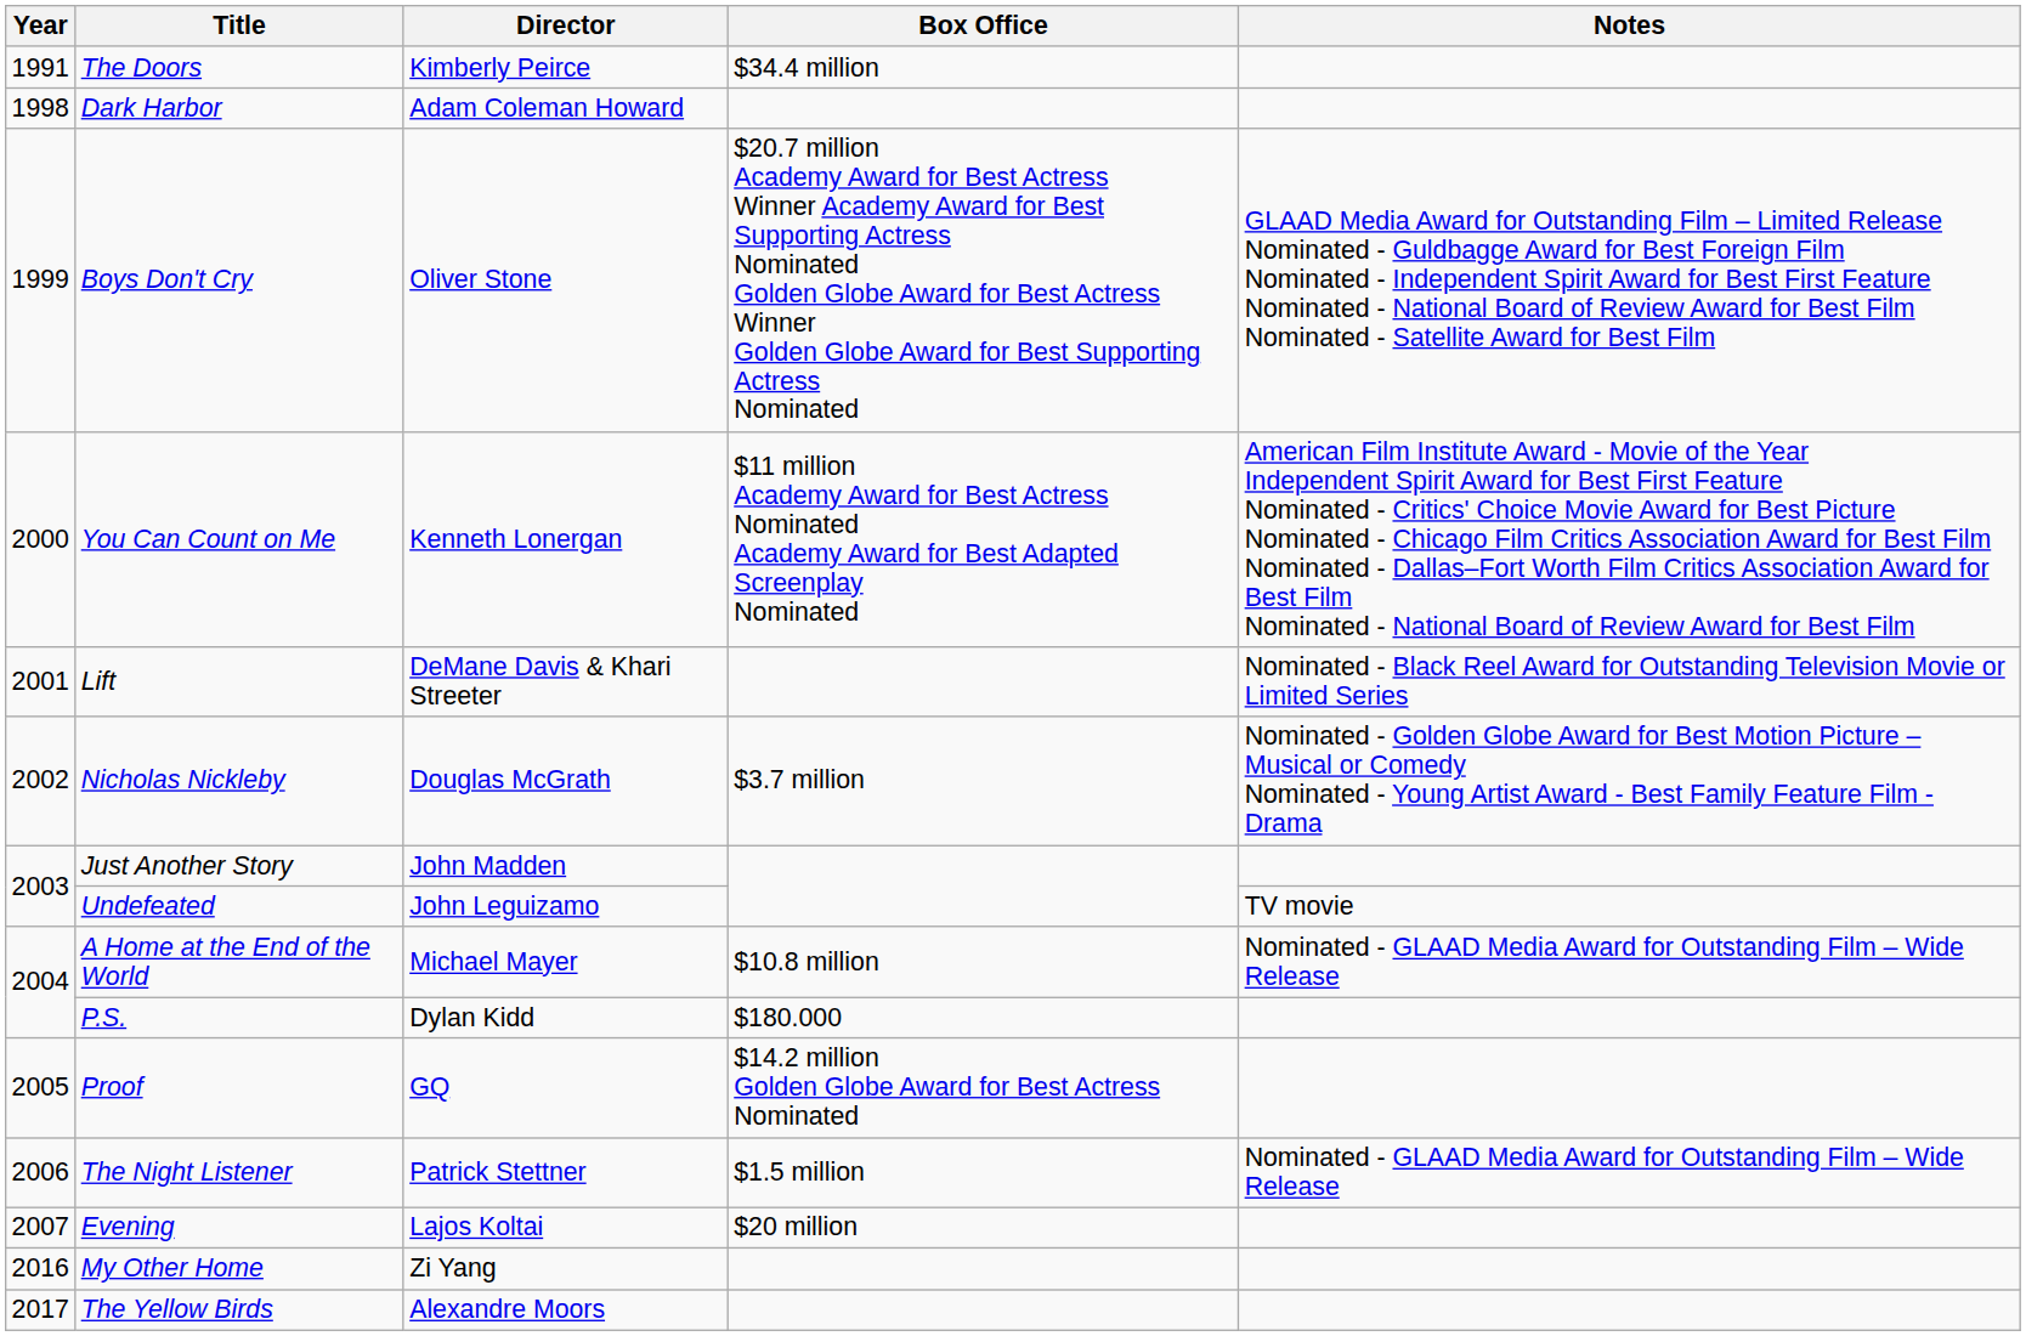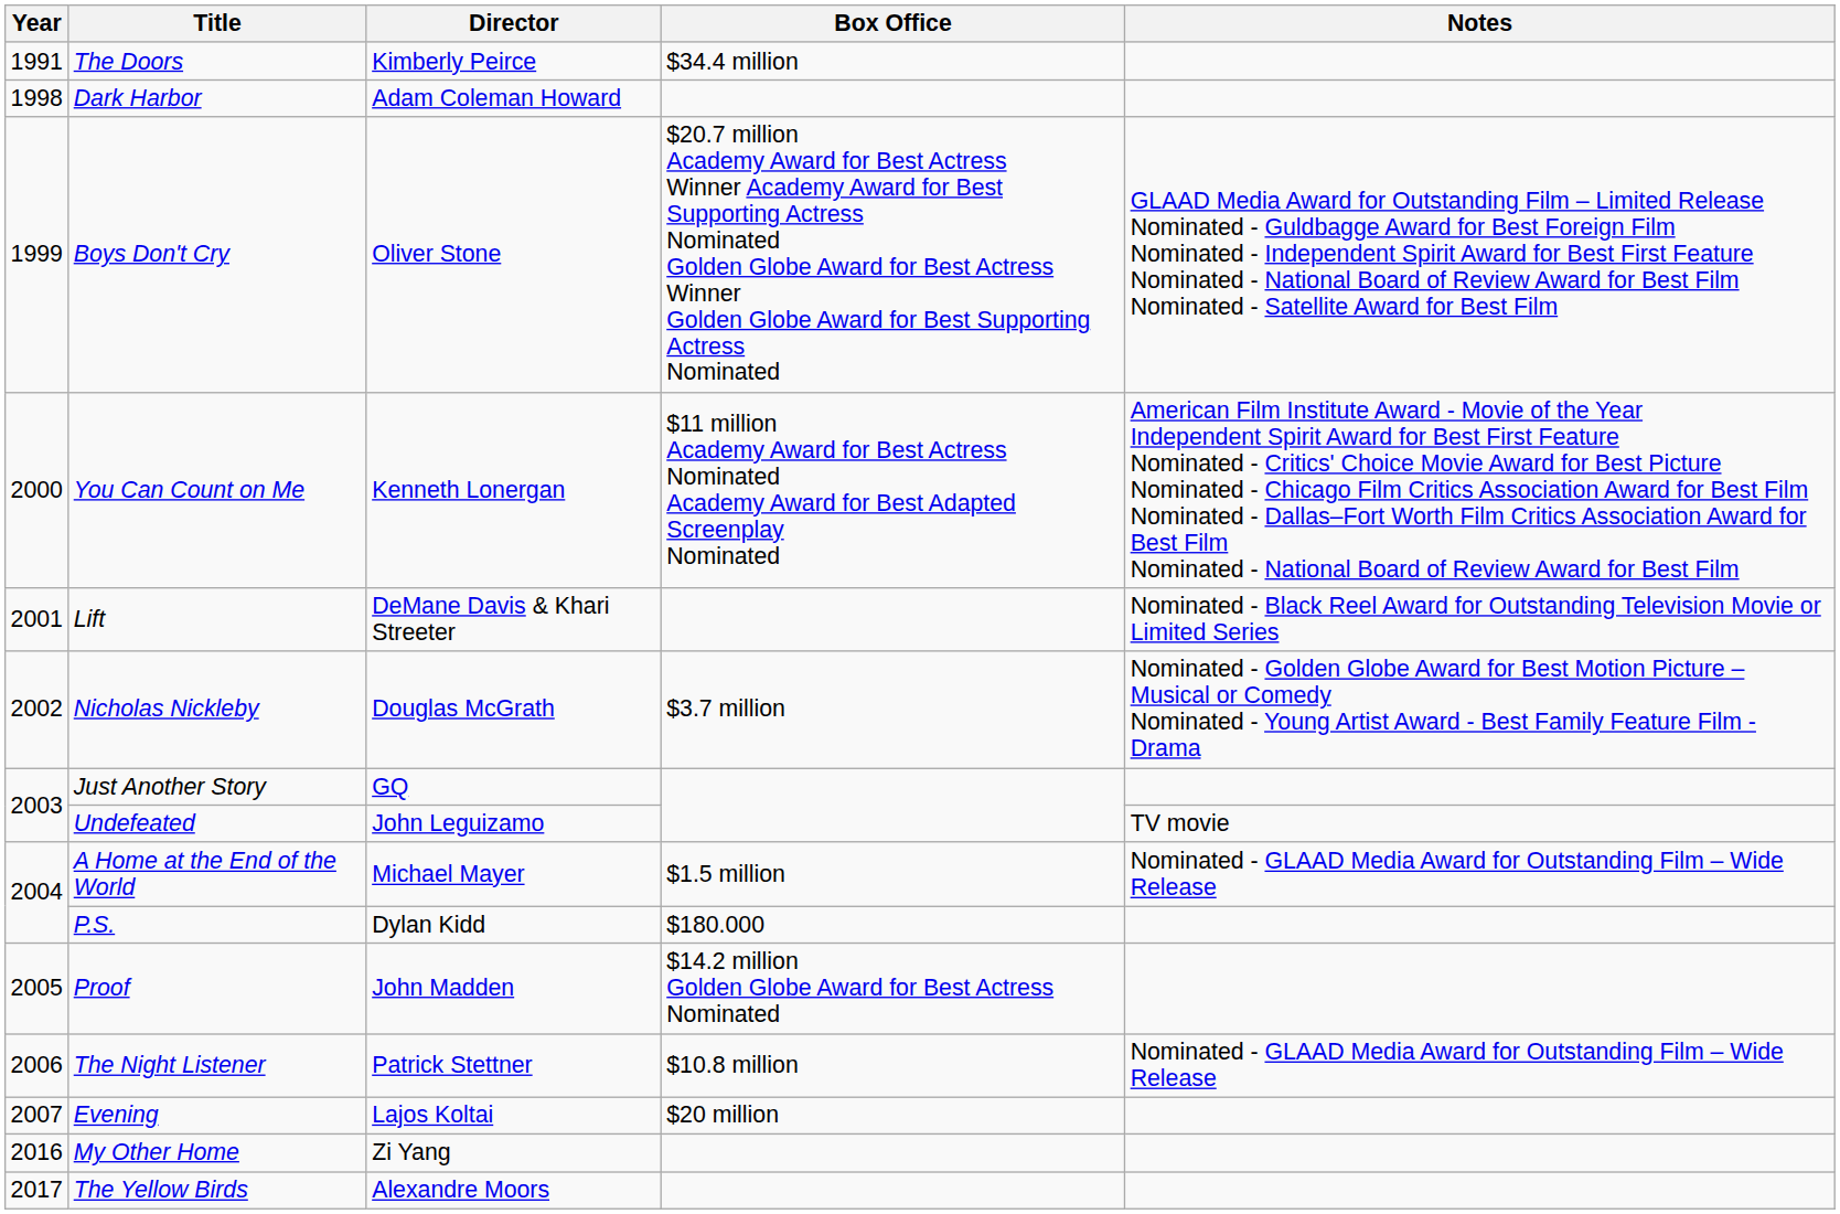 <table class="wikitable sortable">
 <tr>
 <th>Year</th>
 <th>Title</th>
 <th>Director</th>
 <th>Box Office</th>
 <th class="unsortable">Notes</th>
 </tr>
 <tr>
 <td rowspan=1>1991</td>
 <td><em><a href='#'>The Doors</a></em></td>
 <td><a href='#'>Kimberly Peirce</a></td>
 <td>$34.4 million</td>
 <td></td>
 </tr>
 <tr>
 <td rowspan=1>1998</td>
 <td><em><a href='#'>Dark Harbor</a></em></td>
 <td><a href='#'>Adam Coleman Howard</a></td>
 <td></td>
 <td></td>
 </tr>
 <tr>
 <td rowspan=1>1999</td>
 <td><em><a href='#'>Boys Don't Cry</a></em></td>
 <td><a href='#'>Oliver Stone</a></td>
 <td>$20.7 million<br><a href='#'>Academy Award for Best Actress</a><br>Winner <a href='#'>Academy Award for Best Supporting Actress</a><br>Nominated<br> <a href='#'>Golden Globe Award for Best Actress</a><br>Winner<br> <a href='#'>Golden Globe Award for Best Supporting Actress</a><br>Nominated<br></td>
 <td><a href='#'>GLAAD Media Award for Outstanding Film – Limited Release</a><br>Nominated - <a href='#'>Guldbagge Award for Best Foreign Film</a><br>Nominated - <a href='#'>Independent Spirit Award for Best First Feature</a><br>Nominated - <a href='#'>National Board of Review Award for Best Film</a><br>Nominated - <a href='#'>Satellite Award for Best Film</a></td>
 </tr>
 <tr>
 <td rowspan=1>2000</td>
 <td><em><a href='#'>You Can Count on Me</a></em></td>
 <td><a href='#'>Kenneth Lonergan</a></td>
 <td>$11 million<br><a href='#'>Academy Award for Best Actress</a><br>Nominated<br> <a href='#'>Academy Award for Best Adapted Screenplay</a><br>Nominated<br></td>
 <td><a href='#'>American Film Institute Award - Movie of the Year</a><br><a href='#'>Independent Spirit Award for Best First Feature</a><br>Nominated - <a href='#'>Critics' Choice Movie Award for Best Picture</a><br>Nominated - <a href='#'>Chicago Film Critics Association Award for Best Film</a><br>Nominated - <a href='#'>Dallas–Fort Worth Film Critics Association Award for Best Film</a><br>Nominated - <a href='#'>National Board of Review Award for Best Film</a></td>
 </tr>
 <tr>
 <td rowspan=1>2001</td>
 <td><em>Lift</em></td>
 <td><a href='#'>DeMane Davis</a> & Khari Streeter</td>
 <td></td>
 <td>Nominated - <a href='#'>Black Reel Award for Outstanding Television Movie or Limited Series</a></td>
 </tr>
 <tr>
 <td rowspan=1>2002</td>
 <td><em><a href='#'>Nicholas Nickleby</a></em></td>
 <td><a href='#'>Douglas McGrath</a></td>
 <td>$3.7 million</td>
 <td>Nominated - <a href='#'>Golden Globe Award for Best Motion Picture – Musical or Comedy</a><br>Nominated - <a href='#'>Young Artist Award - Best Family Feature Film - Drama</a></td>
 </tr>
 <tr>
 <td rowspan=2>2003</td>
 <td><em>Just Another Story</em></td>
-<td><a href='#'>John Madden</a></td>
+<td><a href='#'>GQ</a></td>
 <td rowspan=2></td>
 <td></td>
 </tr>
 <tr>
 <td><em><a href='#'>Undefeated</a></em></td>
 <td><a href='#'>John Leguizamo</a></td>
 <td>TV movie</td>
 </tr>
 <tr>
 <td rowspan=2>2004</td>
 <td><em><a href='#'>A Home at the End of the World</a></em></td>
 <td><a href='#'>Michael Mayer</a></td>
-<td>$10.8 million</td>
+<td>$1.5 million</td>
 <td>Nominated - <a href='#'>GLAAD Media Award for Outstanding Film – Wide Release</a></td>
 </tr>
 <tr>
 <td><em><a href='#'>P.S.</a></em></td>
 <td>Dylan Kidd</td>
 <td>$180.000</td>
 <td></td>
 </tr>
 <tr>
 <td rowspan=1>2005</td>
 <td><em><a href='#'>Proof</a></em></td>
-<td><a href='#'>GQ</a></td>
+<td><a href='#'>John Madden</a></td>
 <td>$14.2 million<br><a href='#'>Golden Globe Award for Best Actress</a><br>Nominated</td>
 <td></td>
 </tr>
 <tr>
 <td rowspan=1>2006</td>
 <td><em><a href='#'>The Night Listener</a></em></td>
 <td><a href='#'>Patrick Stettner</a></td>
-<td>$1.5 million</td>
+<td>$10.8 million</td>
 <td>Nominated - <a href='#'>GLAAD Media Award for Outstanding Film – Wide Release</a></td>
 </tr>
 <tr>
 <td rowspan=1>2007</td>
 <td><em><a href='#'>Evening</a></em></td>
 <td><a href='#'>Lajos Koltai</a></td>
 <td>$20 million</td>
 <td></td>
 </tr>
 <tr>
 <td rowspan=1>2016</td>
 <td><em><a href='#'>My Other Home</a></em></td>
 <td>Zi Yang</td>
 <td></td>
 <td></td>
 </tr>
 <tr>
 <td rowspan=1>2017</td>
 <td><em><a href='#'>The Yellow Birds</a></em></td>
 <td><a href='#'>Alexandre Moors</a></td>
 <td></td>
 <td></td>
 </tr>
 </table>
